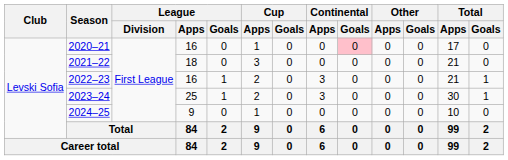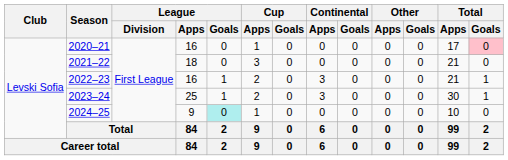 <table class="wikitable" style="text-align:center">
 <tr>
 <th rowspan="2">Club</th>
 <th rowspan="2">Season</th>
 <th colspan="3">League</th>
 <th colspan="2">Cup</th>
 <th colspan="2">Continental</th>
 <th colspan="2">Other</th>
 <th colspan="2">Total</th>
 </tr>
 <tr>
 <th>Division</th>
 <th>Apps</th>
 <th>Goals</th>
 <th>Apps</th>
 <th>Goals</th>
 <th>Apps</th>
 <th>Goals</th>
 <th>Apps</th>
 <th>Goals</th>
 <th>Apps</th>
 <th>Goals</th>
 </tr>
 <tr>
 <td rowspan="6"><a href='#'>Levski Sofia</a></td>
 <td><a href='#'>2020–21</a></td>
 <td rowspan="5"><a href='#'>First League</a></td>
 <td>16</td>
 <td>0</td>
 <td>1</td>
 <td>0</td>
 <td>0</td>
-<td style="background: pink;">0</td>
+<td>0</td>
 <td>0</td>
 <td>0</td>
 <td>17</td>
-<td>0</td>
+<td style="background: pink;">0</td>
 </tr>
 <tr>
 <td><a href='#'>2021–22</a></td>
 <td>18</td>
 <td>0</td>
 <td>3</td>
 <td>0</td>
 <td>0</td>
 <td>0</td>
 <td>0</td>
 <td>0</td>
 <td>21</td>
 <td>0</td>
 </tr>
 <tr>
 <td><a href='#'>2022–23</a></td>
 <td>16</td>
 <td>1</td>
 <td>2</td>
 <td>0</td>
 <td>3</td>
 <td>0</td>
 <td>0</td>
 <td>0</td>
 <td>21</td>
 <td>1</td>
 </tr>
 <tr>
 <td><a href='#'>2023–24</a></td>
 <td>25</td>
 <td>1</td>
 <td>2</td>
 <td>0</td>
 <td>3</td>
 <td>0</td>
 <td>0</td>
 <td>0</td>
 <td>30</td>
 <td>1</td>
 </tr>
 <tr>
 <td><a href='#'>2024–25</a></td>
 <td>9</td>
-<td>0</td>
+<td style="background: paleturquoise;">0</td>
 <td>1</td>
 <td>0</td>
 <td>0</td>
 <td>0</td>
 <td>0</td>
 <td>0</td>
 <td>10</td>
 <td>0</td>
 </tr>
 <tr>
 <th colspan="2">Total</th>
 <th>84</th>
 <th>2</th>
 <th>9</th>
 <th>0</th>
 <th>6</th>
 <th>0</th>
 <th>0</th>
 <th>0</th>
 <th>99</th>
 <th>2</th>
 </tr>
 <tr>
 <th colspan="3">Career total</th>
 <th>84</th>
 <th>2</th>
 <th>9</th>
 <th>0</th>
 <th>6</th>
 <th>0</th>
 <th>0</th>
 <th>0</th>
 <th>99</th>
 <th>2</th>
 </tr>
 </table>
